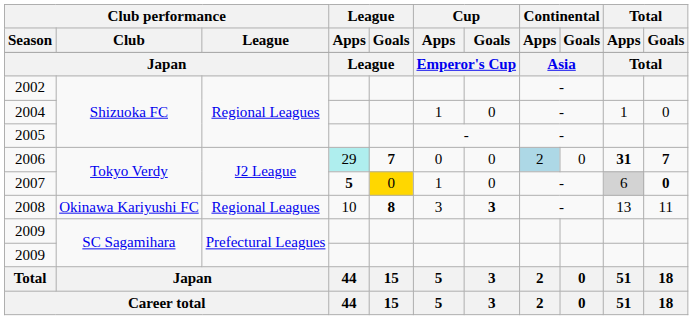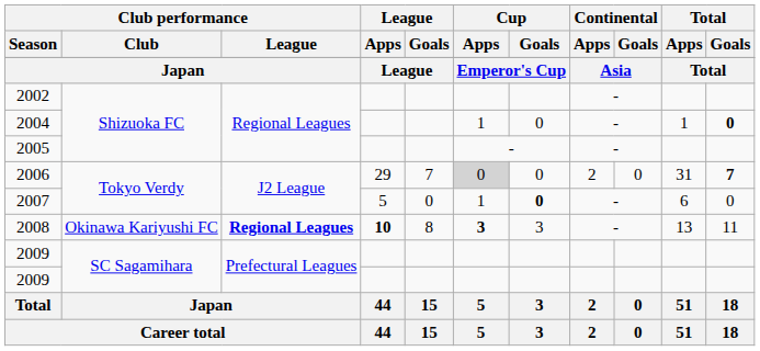 <table class="wikitable" style="text-align:center">
 <tr>
 <th colspan=3>Club performance</th>
 <th colspan=2>League</th>
 <th colspan=2>Cup</th>
 <th colspan=2>Continental</th>
 <th colspan=2>Total</th>
 </tr>
 <tr>
 <th>Season</th>
 <th>Club</th>
 <th>League</th>
 <th>Apps</th>
 <th>Goals</th>
 <th>Apps</th>
 <th>Goals</th>
 <th>Apps</th>
 <th>Goals</th>
 <th>Apps</th>
 <th>Goals</th>
 </tr>
 <tr>
 </tr>
 <tr>
 <th colspan=3>Japan</th>
 <th colspan=2>League</th>
 <th colspan=2><a href='#'>Emperor's Cup</a></th>
 <th colspan=2><a href='#'>Asia</a></th>
 <th colspan=2>Total</th>
 </tr>
 <tr>
 <td>2002</td>
 <td rowspan="3"><a href='#'>Shizuoka FC</a></td>
 <td rowspan="3"><a href='#'>Regional Leagues</a></td>
 <td></td>
 <td></td>
 <td></td>
 <td></td>
 <td colspan="2">-</td>
 <td></td>
 <td></td>
 </tr>
 <tr>
 <td>2004</td>
 <td></td>
 <td></td>
 <td>1</td>
 <td>0</td>
 <td colspan="2">-</td>
 <td>1</td>
-<td>0</td>
+<td><strong>0</strong></td>
 </tr>
 <tr>
 <td>2005</td>
 <td></td>
 <td></td>
 <td colspan="2">-</td>
 <td colspan="2">-</td>
 <td></td>
 <td></td>
 </tr>
 <tr>
 <td>2006</td>
 <td rowspan="2"><a href='#'>Tokyo Verdy</a></td>
 <td rowspan="2"><a href='#'>J2 League</a></td>
-<td style="background: paleturquoise;">29</td>
-<td><strong>7</strong></td>
+<td>29</td>
+<td>7</td>
+<td style="background: lightgrey;">0</td>
 <td>0</td>
+<td>2</td>
 <td>0</td>
-<td style="background: lightblue;">2</td>
-<td>0</td>
-<td><strong>31</strong></td>
+<td>31</td>
 <td><strong>7</strong></td>
 </tr>
 <tr>
 <td>2007</td>
-<td><strong>5</strong></td>
-<td style="background: gold;">0</td>
+<td>5</td>
+<td>0</td>
 <td>1</td>
+<td><strong>0</strong></td>
+<td colspan="2">-</td>
+<td>6</td>
 <td>0</td>
-<td colspan="2">-</td>
-<td style="background: lightgrey;">6</td>
-<td><strong>0</strong></td>
 </tr>
 <tr>
 <td>2008</td>
 <td><a href='#'>Okinawa Kariyushi FC</a></td>
-<td><a href='#'>Regional Leagues</a></td>
-<td>10</td>
-<td><strong>8</strong></td>
+<td><strong><a href='#'>Regional Leagues</a></strong></td>
+<td><strong>10</strong></td>
+<td>8</td>
+<td><strong>3</strong></td>
 <td>3</td>
-<td><strong>3</strong></td>
 <td colspan="2">-</td>
 <td>13</td>
 <td>11</td>
 </tr>
 <tr>
 <td>2009</td>
 <td rowspan="2"><a href='#'>SC Sagamihara</a></td>
 <td rowspan="2"><a href='#'>Prefectural Leagues</a></td>
 <td></td>
 <td></td>
 <td></td>
 <td></td>
 <td></td>
 <td></td>
 <td></td>
 <td></td>
 </tr>
 <tr>
 <td>2009</td>
 <td></td>
 <td></td>
 <td></td>
 <td></td>
 <td></td>
 <td></td>
 <td></td>
 <td></td>
 </tr>
 <tr>
 <th rowspan=1>Total</th>
 <th colspan=2>Japan</th>
 <th>44</th>
 <th>15</th>
 <th>5</th>
 <th>3</th>
 <th>2</th>
 <th>0</th>
 <th>51</th>
 <th>18</th>
 </tr>
 <tr>
 <th colspan=3>Career total</th>
 <th>44</th>
 <th>15</th>
 <th>5</th>
 <th>3</th>
 <th>2</th>
 <th>0</th>
 <th>51</th>
 <th>18</th>
 </tr>
 </table>
